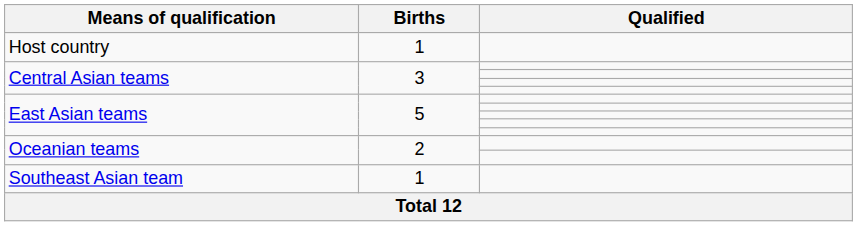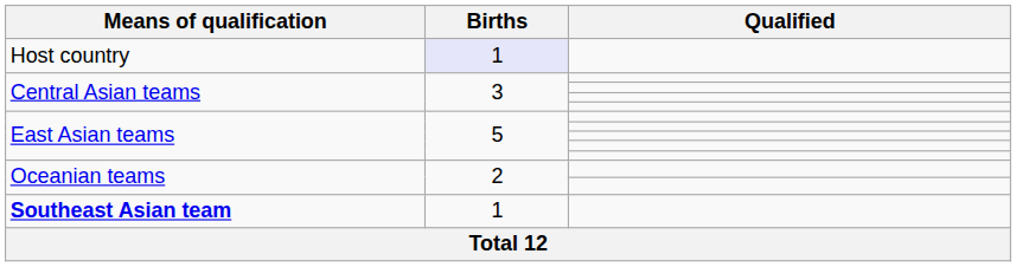 <table class="wikitable" style="margin:0; width:60%;">
 <tr>
 <th style="margin:0; width:38%;">Means of qualification</th>
 <th style="margin:0; width:13%;">Births</th>
 <th style="margin:0; width:40%;">Qualified</th>
 </tr>
 <tr>
 <td>Host country</td>
-<td align=center>1</td>
+<td align=center style="background: lavender;">1</td>
 <td></td>
 </tr>
 <tr>
 <td rowspan=4><a href='#'>Central Asian teams</a></td>
 <td rowspan=4 align=center>3</td>
 <td></td>
 </tr>
 <tr>
 <td></td>
 </tr>
 <tr>
 <td></td>
 </tr>
 <tr>
 <td></td>
 </tr>
 <tr>
 <td rowspan=5><a href='#'>East Asian teams</a></td>
 <td rowspan=5 align=center>5</td>
 <td></td>
 </tr>
 <tr>
 <td></td>
 </tr>
 <tr>
 <td></td>
 </tr>
 <tr>
 <td></td>
 </tr>
 <tr>
 <td></td>
 </tr>
 <tr>
 <td rowspan=2><a href='#'>Oceanian teams</a></td>
 <td rowspan=2 align=center>2</td>
 <td></td>
 </tr>
 <tr>
 <td></td>
 </tr>
 <tr>
-<td rowspan=1><a href='#'>Southeast Asian team</a></td>
+<td rowspan=1><strong><a href='#'>Southeast Asian team</a></strong></td>
 <td rowspan=1 align=center>1</td>
 <td></td>
 </tr>
 <tr>
 <th colspan=4>Total 12</th>
 </tr>
 </table>
